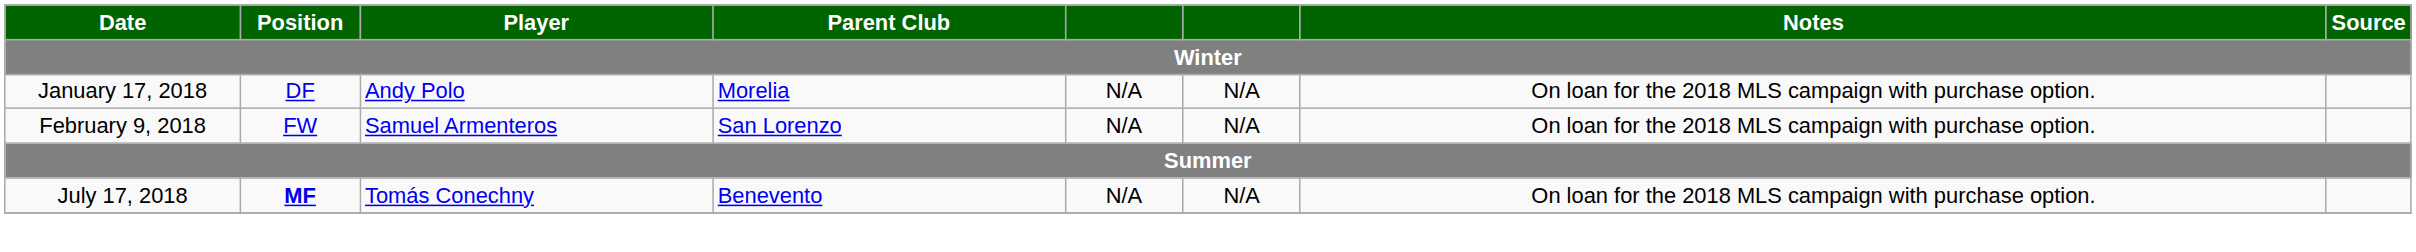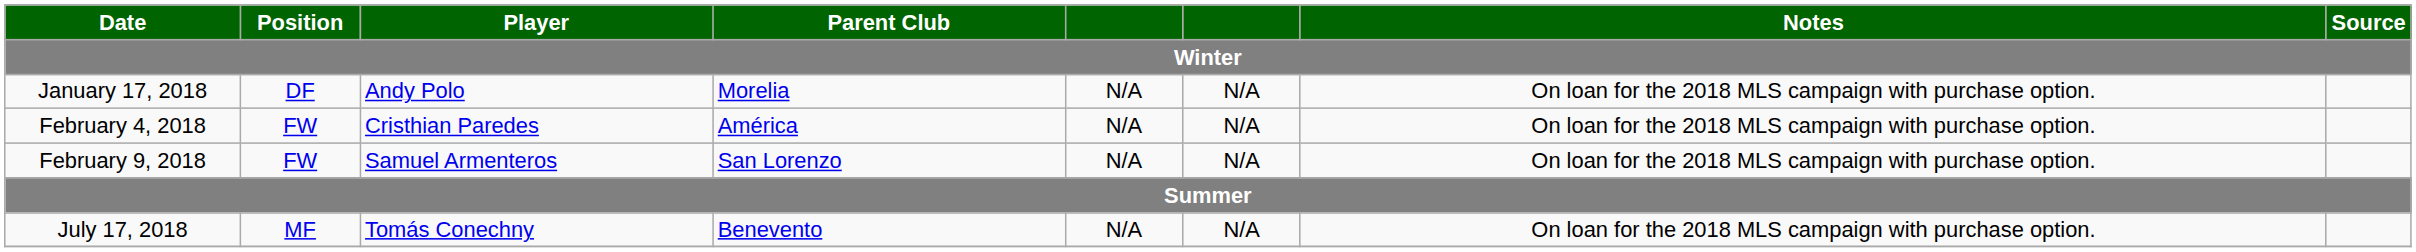 <table class="wikitable" style="text-align:center; font-size:90%; width:100%;">
 <tr>
 <th style="background:darkgreen; color:white; text-align:center; width:10%">Date</th>
 <th style="background:darkgreen; color:white; text-align:center; width:5%">Position</th>
 <th style="background:darkgreen; color:white; text-align:center; width:15%">Player</th>
 <th style="background:darkgreen; color:white; text-align:center; width:15%">Parent Club</th>
 <th style="background:darkgreen; color:white; text-align:center; width:5%"></th>
 <th style="background:darkgreen; color:white; text-align:center; width:5%"></th>
 <th style="background:darkgreen; color:white; text-align:center; width:44%">Notes</th>
 <th style="background:darkgreen; color:white; text-align:center; width:1%">Source</th>
 </tr>
 <tr>
 <th colspan="8" style="background:gray; color:white; text-align:center;">Winter</th>
 </tr>
 <tr>
 <td style="text-align:center;">January 17, 2018</td>
 <td style="text-align:center;"><a href='#'>DF</a></td>
 <td align=left> <a href='#'>Andy Polo</a></td>
 <td align=left> <a href='#'>Morelia</a></td>
 <td style="text-align:center;">N/A</td>
 <td style="text-align:center;">N/A</td>
 <td>On loan for the 2018 MLS campaign with purchase option.</td>
 <td style="text-align:center;"></td>
 </tr>
 <tr>
+<td style="text-align:center;">February 4, 2018</td>
+<td style="text-align:center;"><a href='#'>FW</a></td>
+<td align=left> <a href='#'>Cristhian Paredes</a></td>
+<td align=left> <a href='#'>América</a></td>
+<td style="text-align:center;">N/A</td>
+<td style="text-align:center;">N/A</td>
+<td>On loan for the 2018 MLS campaign with purchase option.</td>
+<td style="text-align:center;"></td>
+</tr>
+<tr>
 <td style="text-align:center;">February 9, 2018</td>
 <td style="text-align:center;"><a href='#'>FW</a></td>
 <td align=left> <a href='#'>Samuel Armenteros</a></td>
 <td align=left> <a href='#'>San Lorenzo</a></td>
 <td style="text-align:center;">N/A</td>
 <td style="text-align:center;">N/A</td>
 <td>On loan for the 2018 MLS campaign with purchase option.</td>
 <td style="text-align:center;"></td>
 </tr>
 <tr>
 <th colspan="8" style="background:gray; color:white; text-align:center;">Summer</th>
 </tr>
 <tr>
 <td style="text-align:center;">July 17, 2018</td>
-<td style="text-align:center;"><strong><a href='#'>MF</a></strong></td>
+<td style="text-align:center;"><a href='#'>MF</a></td>
 <td align=left> <a href='#'>Tomás Conechny</a></td>
 <td align=left> <a href='#'>Benevento</a></td>
 <td style="text-align:center;">N/A</td>
 <td style="text-align:center;">N/A</td>
 <td>On loan for the 2018 MLS campaign with purchase option.</td>
 <td style="text-align:center;"></td>
 </tr>
 <tr>
 </tr>
 </table>
